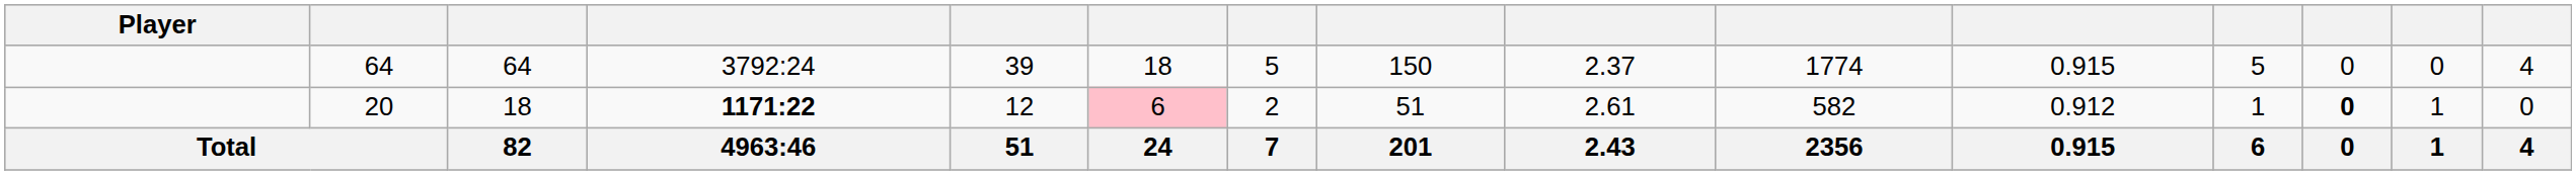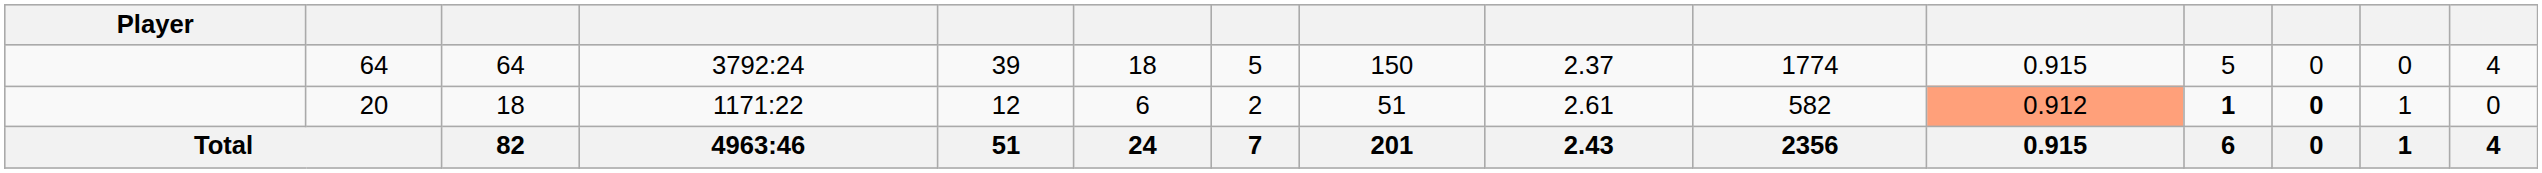 <table class="wikitable sortable" style="width:100%; text-align:center;">
 <tr>
 <th>Player</th>
 <th></th>
 <th></th>
 <th></th>
 <th></th>
 <th></th>
 <th></th>
 <th></th>
 <th></th>
 <th></th>
 <th></th>
 <th></th>
 <th></th>
 <th></th>
 <th></th>
 </tr>
 <tr>
 <td></td>
 <td>64</td>
 <td>64</td>
 <td>3792:24</td>
 <td>39</td>
 <td>18</td>
 <td>5</td>
 <td>150</td>
 <td>2.37</td>
 <td>1774</td>
 <td>0.915</td>
 <td>5</td>
 <td>0</td>
 <td>0</td>
 <td>4</td>
 </tr>
 <tr>
 <td></td>
 <td>20</td>
 <td>18</td>
-<td><strong>1171:22</strong></td>
+<td>1171:22</td>
 <td>12</td>
-<td style="background: pink;">6</td>
+<td>6</td>
 <td>2</td>
 <td>51</td>
 <td>2.61</td>
 <td>582</td>
-<td>0.912</td>
-<td>1</td>
+<td style="background: lightsalmon;">0.912</td>
+<td><strong>1</strong></td>
 <td><strong>0</strong></td>
 <td>1</td>
 <td>0</td>
 </tr>
 <tr class="sortbottom">
 <th colspan=2>Total</th>
 <th>82</th>
 <th>4963:46</th>
 <th>51</th>
 <th>24</th>
 <th>7</th>
 <th>201</th>
 <th>2.43</th>
 <th>2356</th>
 <th>0.915</th>
 <th>6</th>
 <th>0</th>
 <th>1</th>
 <th>4</th>
 </tr>
 </table>
